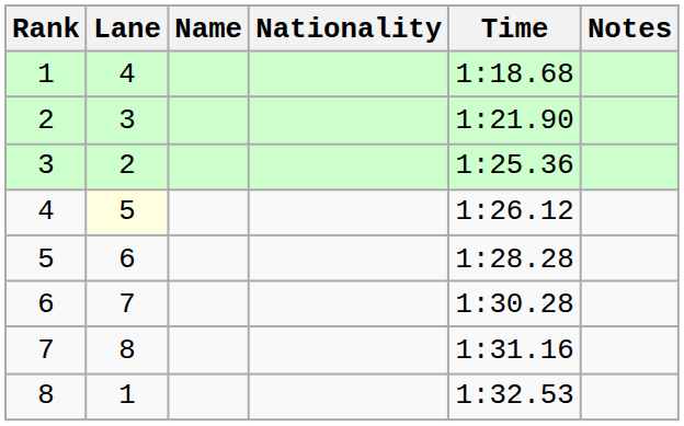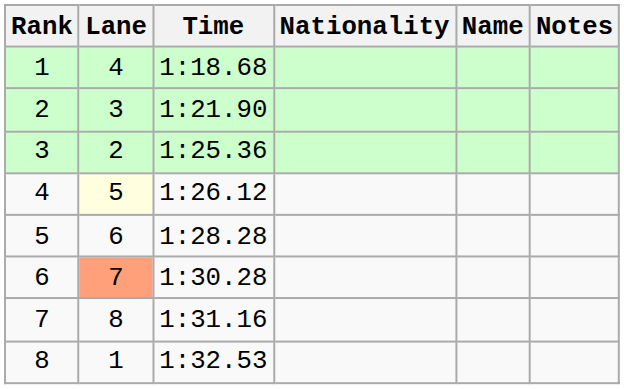 <table class="wikitable sortable" style="text-align:center">
 <tr>
 <th>Rank</th>
 <th>Lane</th>
+<th>Time</th>
+<th>Nationality</th>
 <th>Name</th>
-<th>Nationality</th>
-<th>Time</th>
 <th>Notes</th>
 </tr>
 <tr bgcolor=ccffcc>
 <td>1</td>
 <td>4</td>
+<td>1:18.68</td>
 <td align=left></td>
 <td align=left></td>
-<td>1:18.68</td>
 <td><strong></strong> <strong></strong></td>
 </tr>
 <tr bgcolor=ccffcc>
 <td>2</td>
 <td>3</td>
+<td>1:21.90</td>
 <td align=left></td>
 <td align=left></td>
-<td>1:21.90</td>
 <td><strong></strong></td>
 </tr>
 <tr bgcolor=ccffcc>
 <td>3</td>
 <td>2</td>
+<td>1:25.36</td>
 <td align=left></td>
 <td align=left></td>
-<td>1:25.36</td>
 <td><strong></strong></td>
 </tr>
 <tr>
 <td>4</td>
 <td style="background: lightyellow;">5</td>
+<td>1:26.12</td>
 <td align=left></td>
 <td align=left></td>
-<td>1:26.12</td>
 <td></td>
 </tr>
 <tr>
 <td>5</td>
 <td>6</td>
+<td>1:28.28</td>
 <td align=left></td>
 <td align=left></td>
-<td>1:28.28</td>
 <td></td>
 </tr>
 <tr>
 <td>6</td>
-<td>7</td>
+<td style="background: lightsalmon;">7</td>
+<td>1:30.28</td>
 <td align=left></td>
 <td align=left></td>
-<td>1:30.28</td>
 <td></td>
 </tr>
 <tr>
 <td>7</td>
 <td>8</td>
+<td>1:31.16</td>
 <td align=left></td>
 <td align=left></td>
-<td>1:31.16</td>
 <td></td>
 </tr>
 <tr>
 <td>8</td>
 <td>1</td>
+<td>1:32.53</td>
 <td align=left></td>
 <td align=left></td>
-<td>1:32.53</td>
 <td></td>
 </tr>
 </table>
